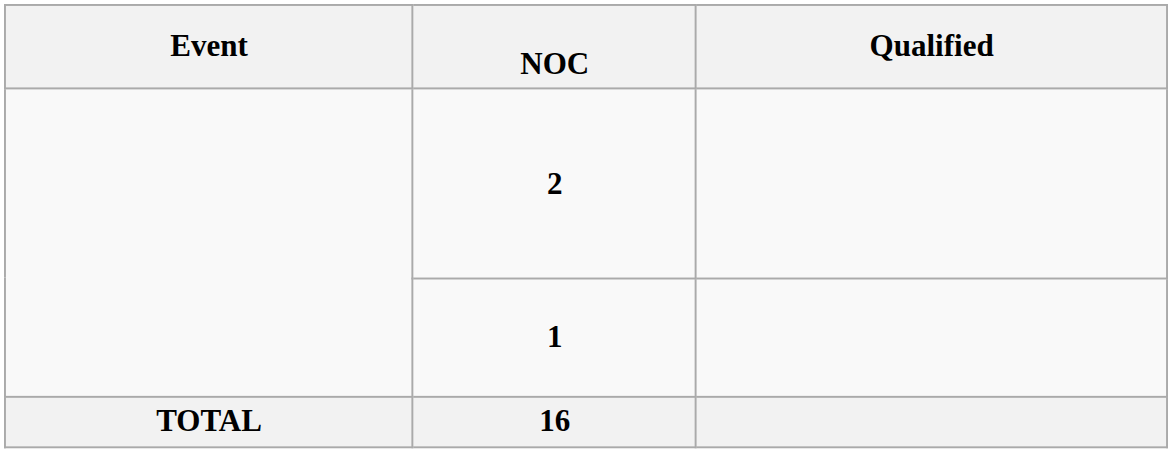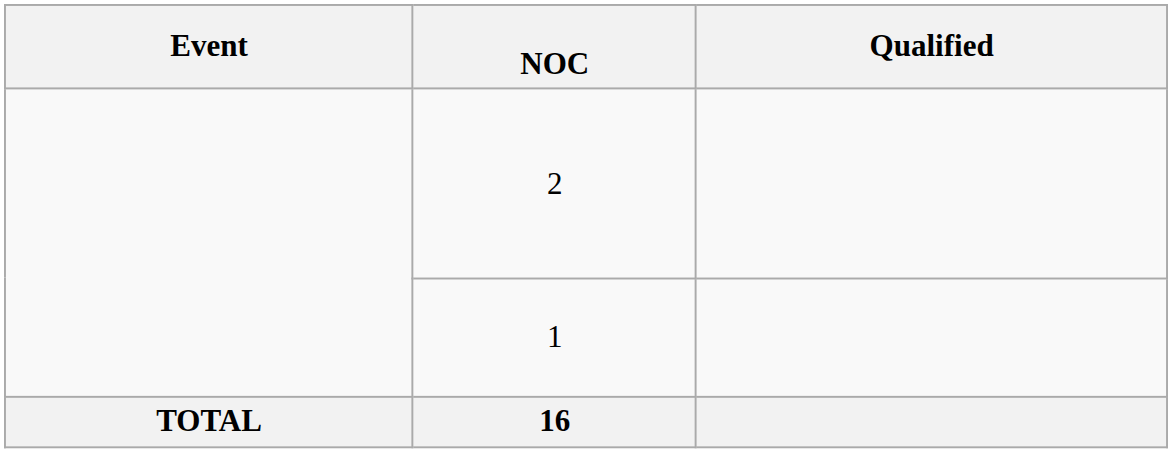 <table class="wikitable" width=600>
 <tr>
 <th>Event</th>
 <th><br>NOC</th>
 <th>Qualified</th>
 </tr>
 <tr>
 <td rowspan="2"></td>
-<td align="center"><strong>2</strong></td>
+<td align="center">2</td>
 <td><br><br><br><br><br></td>
 </tr>
 <tr>
-<td align="center"><strong>1</strong></td>
+<td align="center">1</td>
 <td><br><br><br></td>
 </tr>
 <tr>
 <th colspan="1">TOTAL</th>
 <th>16</th>
 <th></th>
 </tr>
 </table>
